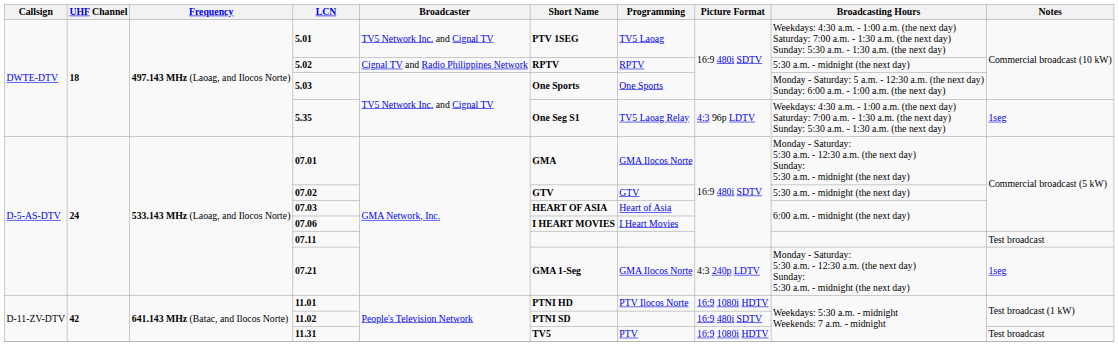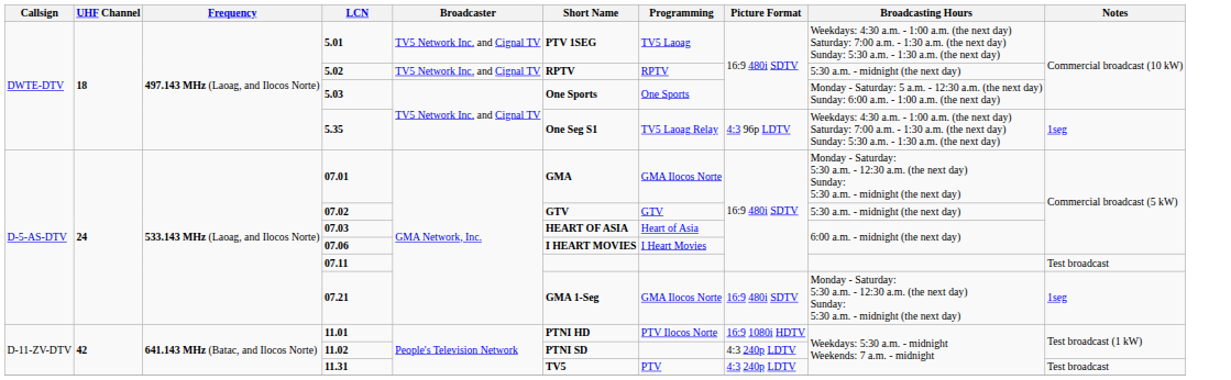 <table class="wikitable sortable">
 <tr>
 <th>Callsign</th>
 <th class="unsortable"><a href='#'>UHF</a> Channel</th>
 <th class="unsortable"><a href='#'>Frequency</a></th>
 <th width="6%"><a href='#'>LCN</a></th>
 <th>Broadcaster</th>
 <th>Short Name</th>
 <th class="unsortable">Programming</th>
 <th class="unsortable">Picture Format</th>
 <th>Broadcasting Hours</th>
 <th>Notes</th>
 </tr>
 <tr>
 <td rowspan="4"><a href='#'>DWTE-DTV</a></td>
 <td rowspan="4"><strong>18</strong></td>
 <td rowspan="4"><strong>497.143 MHz</strong> (Laoag, and Ilocos Norte)</td>
 <td><strong>5.01</strong></td>
 <td rowspan="1"><a href='#'>TV5 Network Inc.</a> and <a href='#'>Cignal TV</a></td>
 <td><strong>PTV 1SEG</strong></td>
 <td><a href='#'>TV5 Laoag</a></td>
 <td rowspan="3">16:9 <a href='#'>480i</a> <a href='#'>SDTV</a></td>
 <td>Weekdays:  4:30 a.m. - 1:00 a.m. (the next day) <br> Saturday: 7:00 a.m. - 1:30 a.m. (the next day) <br> Sunday: 5:30 a.m. - 1:30 a.m. (the next day)</td>
 <td rowspan="3">Commercial broadcast (10 kW)</td>
 </tr>
 <tr>
 <td><strong>5.02</strong></td>
-<td><a href='#'>Cignal TV</a> and <a href='#'>Radio Philippines Network</a></td>
+<td rowspan="1"><a href='#'>TV5 Network Inc.</a> and <a href='#'>Cignal TV</a></td>
 <td><strong>RPTV</strong></td>
 <td><a href='#'>RPTV</a></td>
 <td rowspan="1">5:30 a.m. - midnight (the next day)</td>
 </tr>
 <tr>
 <td><strong>5.03</strong></td>
 <td rowspan="2"><a href='#'>TV5 Network Inc.</a> and <a href='#'>Cignal TV</a></td>
 <td><strong>One Sports</strong></td>
 <td><a href='#'>One Sports</a></td>
 <td>Monday - Saturday: 5 a.m. - 12:30 a.m. (the next day) <br> Sunday: 6:00 a.m. - 1:00 a.m. (the next day)</td>
 </tr>
 <tr>
 <td><strong>5.35</strong></td>
 <td><strong>One Seg S1</strong></td>
 <td><a href='#'>TV5 Laoag Relay</a></td>
 <td><a href='#'>4:3</a> 96p <a href='#'>LDTV</a></td>
 <td>Weekdays:  4:30 a.m. - 1:00 a.m. (the next day) <br> Saturday: 7:00 a.m. - 1:30 a.m. (the next day) <br> Sunday: 5:30 a.m. - 1:30 a.m. (the next day)</td>
 <td><a href='#'>1seg</a></td>
 </tr>
 <tr>
 <td rowspan="6"><a href='#'>D-5-AS-DTV</a></td>
 <td rowspan="6"><strong>24</strong></td>
 <td rowspan="6"><strong>533.143 MHz</strong> (Laoag, and Ilocos Norte)</td>
 <td><strong>07.01</strong></td>
 <td rowspan="6"><a href='#'>GMA Network, Inc.</a></td>
 <td><strong>GMA</strong></td>
 <td><a href='#'>GMA Ilocos Norte</a></td>
 <td rowspan="5">16:9 <a href='#'>480i</a> <a href='#'>SDTV</a></td>
 <td>Monday - Saturday: <br> 5:30 a.m. - 12:30 a.m. (the next day) <br> Sunday: <br> 5:30 a.m. - midnight (the next day)</td>
 <td rowspan="4">Commercial broadcast (5 kW)</td>
 </tr>
 <tr>
 <td><strong>07.02</strong></td>
 <td><strong>GTV</strong></td>
 <td><a href='#'>GTV</a></td>
 <td rowspan="1">5:30 a.m. - midnight (the next day)</td>
 </tr>
 <tr>
 <td><strong>07.03</strong></td>
 <td><strong>HEART OF ASIA</strong></td>
 <td><a href='#'>Heart of Asia</a></td>
 <td rowspan="2">6:00 a.m. - midnight (the next day)</td>
 </tr>
 <tr>
 <td><strong>07.06</strong></td>
 <td><strong>I HEART MOVIES</strong></td>
 <td><a href='#'>I Heart Movies</a></td>
 </tr>
 <tr>
 <td><strong>07.11</strong></td>
 <td></td>
 <td></td>
 <td></td>
 <td rowspan="1">Test broadcast</td>
 </tr>
 <tr>
 <td><strong>07.21</strong></td>
 <td><strong>GMA 1-Seg</strong></td>
 <td><a href='#'>GMA Ilocos Norte</a></td>
-<td>4:3 <a href='#'>240p</a> <a href='#'>LDTV</a></td>
+<td><a href='#'>16:9</a> <a href='#'>480i</a> <a href='#'>SDTV</a></td>
 <td>Monday - Saturday: <br> 5:30 a.m. - 12:30 a.m. (the next day) <br> Sunday: <br> 5:30 a.m. - midnight (the next day)</td>
 <td><a href='#'>1seg</a></td>
 </tr>
 <tr>
 <td rowspan="3">D-11-ZV-DTV</td>
 <td rowspan="3"><strong>42</strong></td>
 <td rowspan="3"><strong>641.143 MHz</strong> (Batac, and Ilocos Norte)</td>
 <td><strong>11.01</strong></td>
 <td rowspan="3"><a href='#'>People's Television Network</a></td>
 <td><strong>PTNI HD</strong></td>
 <td rowspan="1'"><a href='#'>PTV Ilocos Norte</a></td>
 <td rowspan="1"><a href='#'>16:9</a> <a href='#'>1080i</a> <a href='#'>HDTV</a></td>
 <td rowspan="3">Weekdays: 5:30 a.m. - midnight <br> Weekends: 7 a.m. - midnight</td>
 <td rowspan="2">Test broadcast (1 kW)</td>
 </tr>
 <tr>
 <td><strong>11.02</strong></td>
 <td><strong>PTNI SD</strong></td>
 <td></td>
-<td><a href='#'>16:9</a> <a href='#'>480i</a> <a href='#'>SDTV</a></td>
+<td>4:3 <a href='#'>240p</a> <a href='#'>LDTV</a></td>
 </tr>
 <tr>
 <td><strong>11.31</strong></td>
 <td><strong>TV5</strong></td>
 <td><a href='#'>PTV</a></td>
-<td rowspan="1"><a href='#'>16:9</a> <a href='#'>1080i</a> <a href='#'>HDTV</a></td>
+<td><a href='#'>4:3</a> <a href='#'>240p</a> <a href='#'>LDTV</a></td>
 <td rowspan="1">Test broadcast</td>
 </tr>
 <tr>
 </tr>
 </table>
